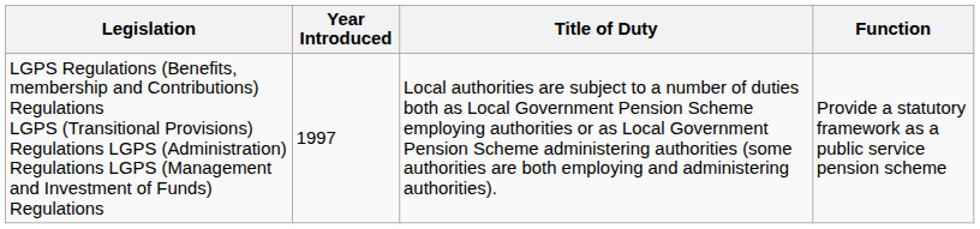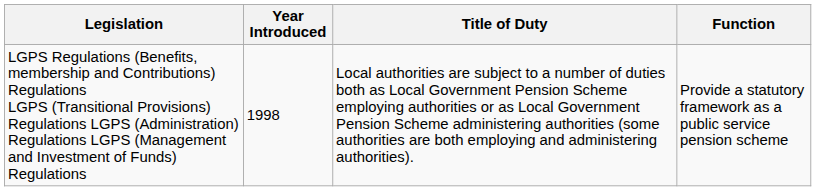 <table class="wikitable sortable mw-collapsible mw-collapsed">
 <tr>
 <th>Legislation</th>
 <th>Year Introduced</th>
 <th>Title of Duty</th>
 <th>Function</th>
 </tr>
 <tr>
 <td>LGPS  Regulations (Benefits, membership and Contributions) Regulations<br>LGPS (Transitional Provisions) Regulations  LGPS (Administration) Regulations LGPS (Management and Investment of Funds) Regulations</td>
-<td>1997</td>
+<td>1998</td>
 <td>Local  authorities are subject to a number of duties both as Local Government  Pension Scheme employing authorities or as Local Government Pension Scheme  administering authorities (some authorities are both employing and  administering authorities).</td>
 <td>Provide a  statutory framework as a public service pension scheme</td>
 </tr>
 </table>
